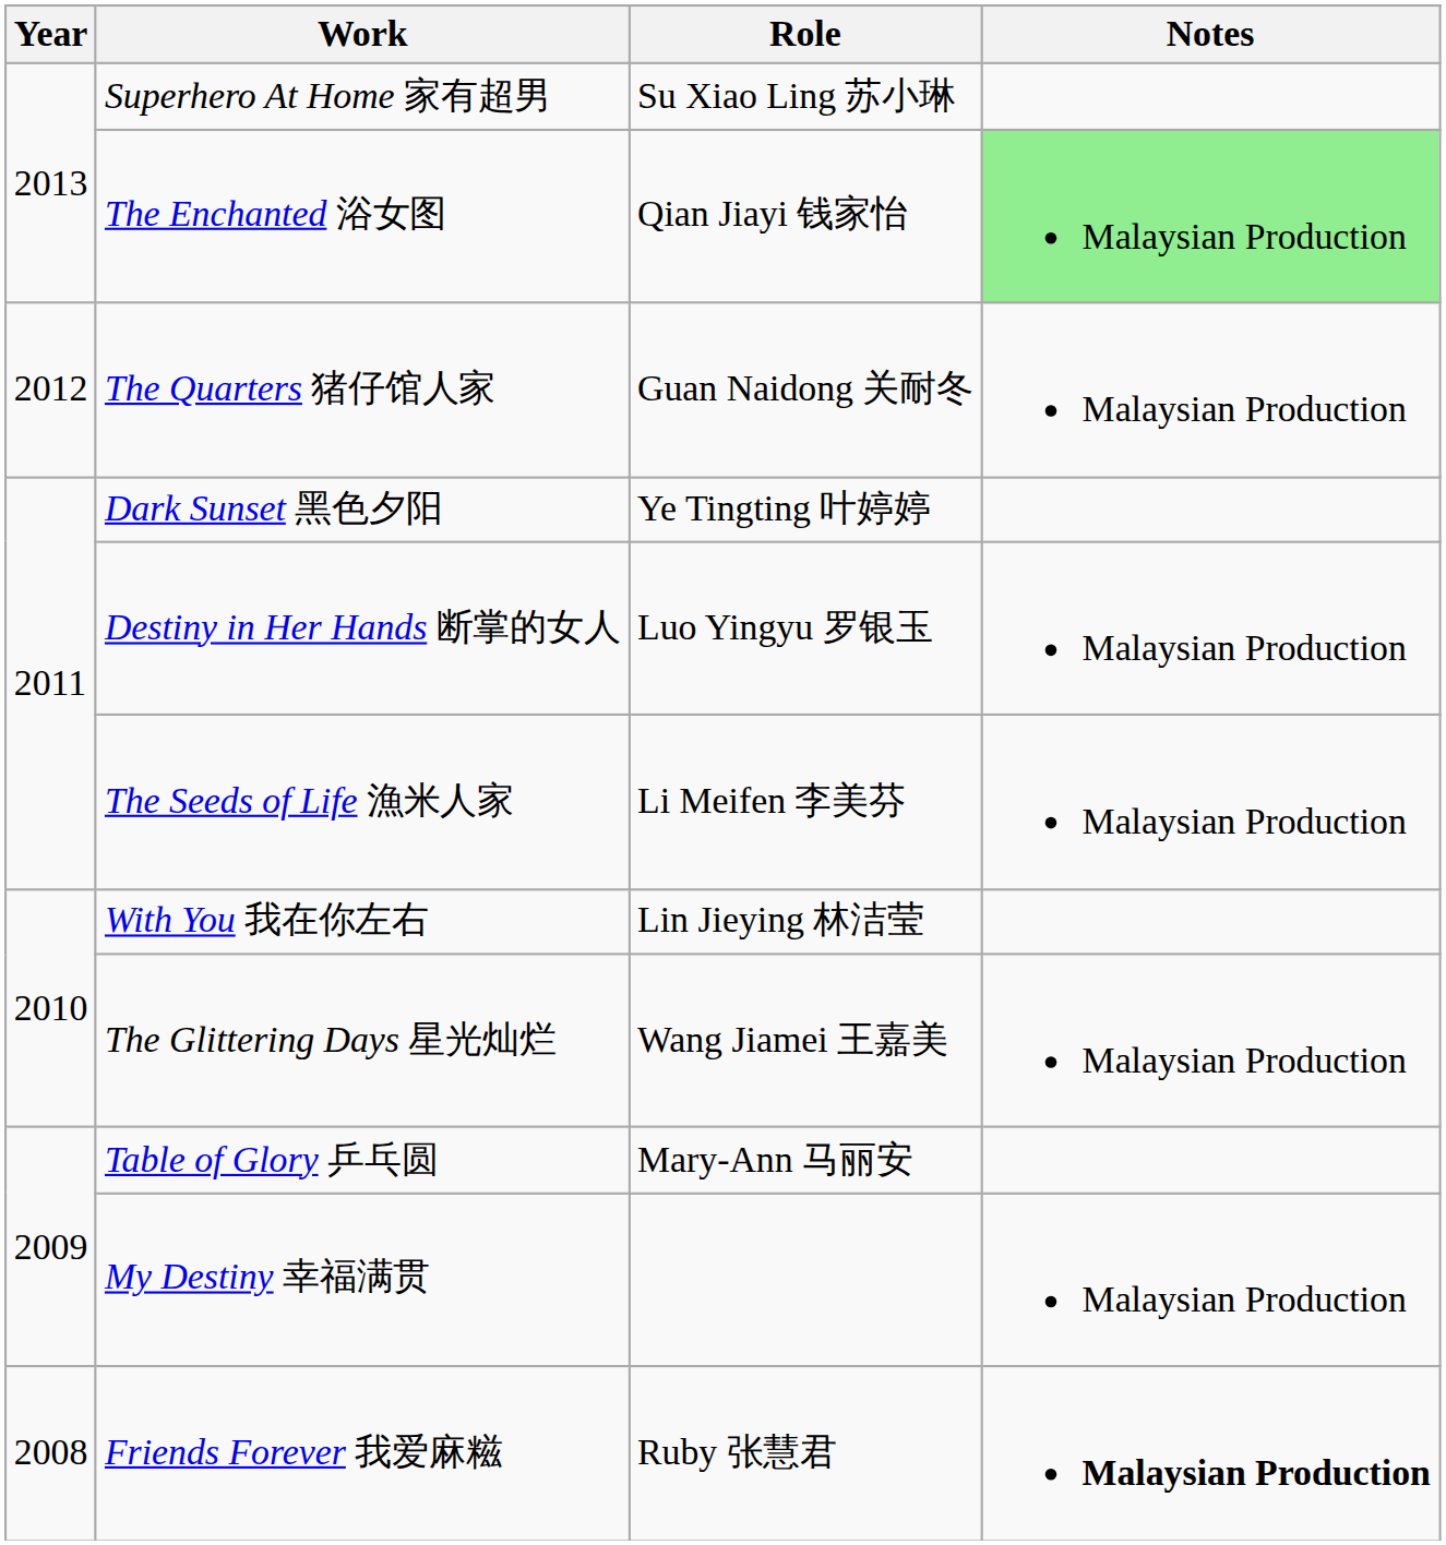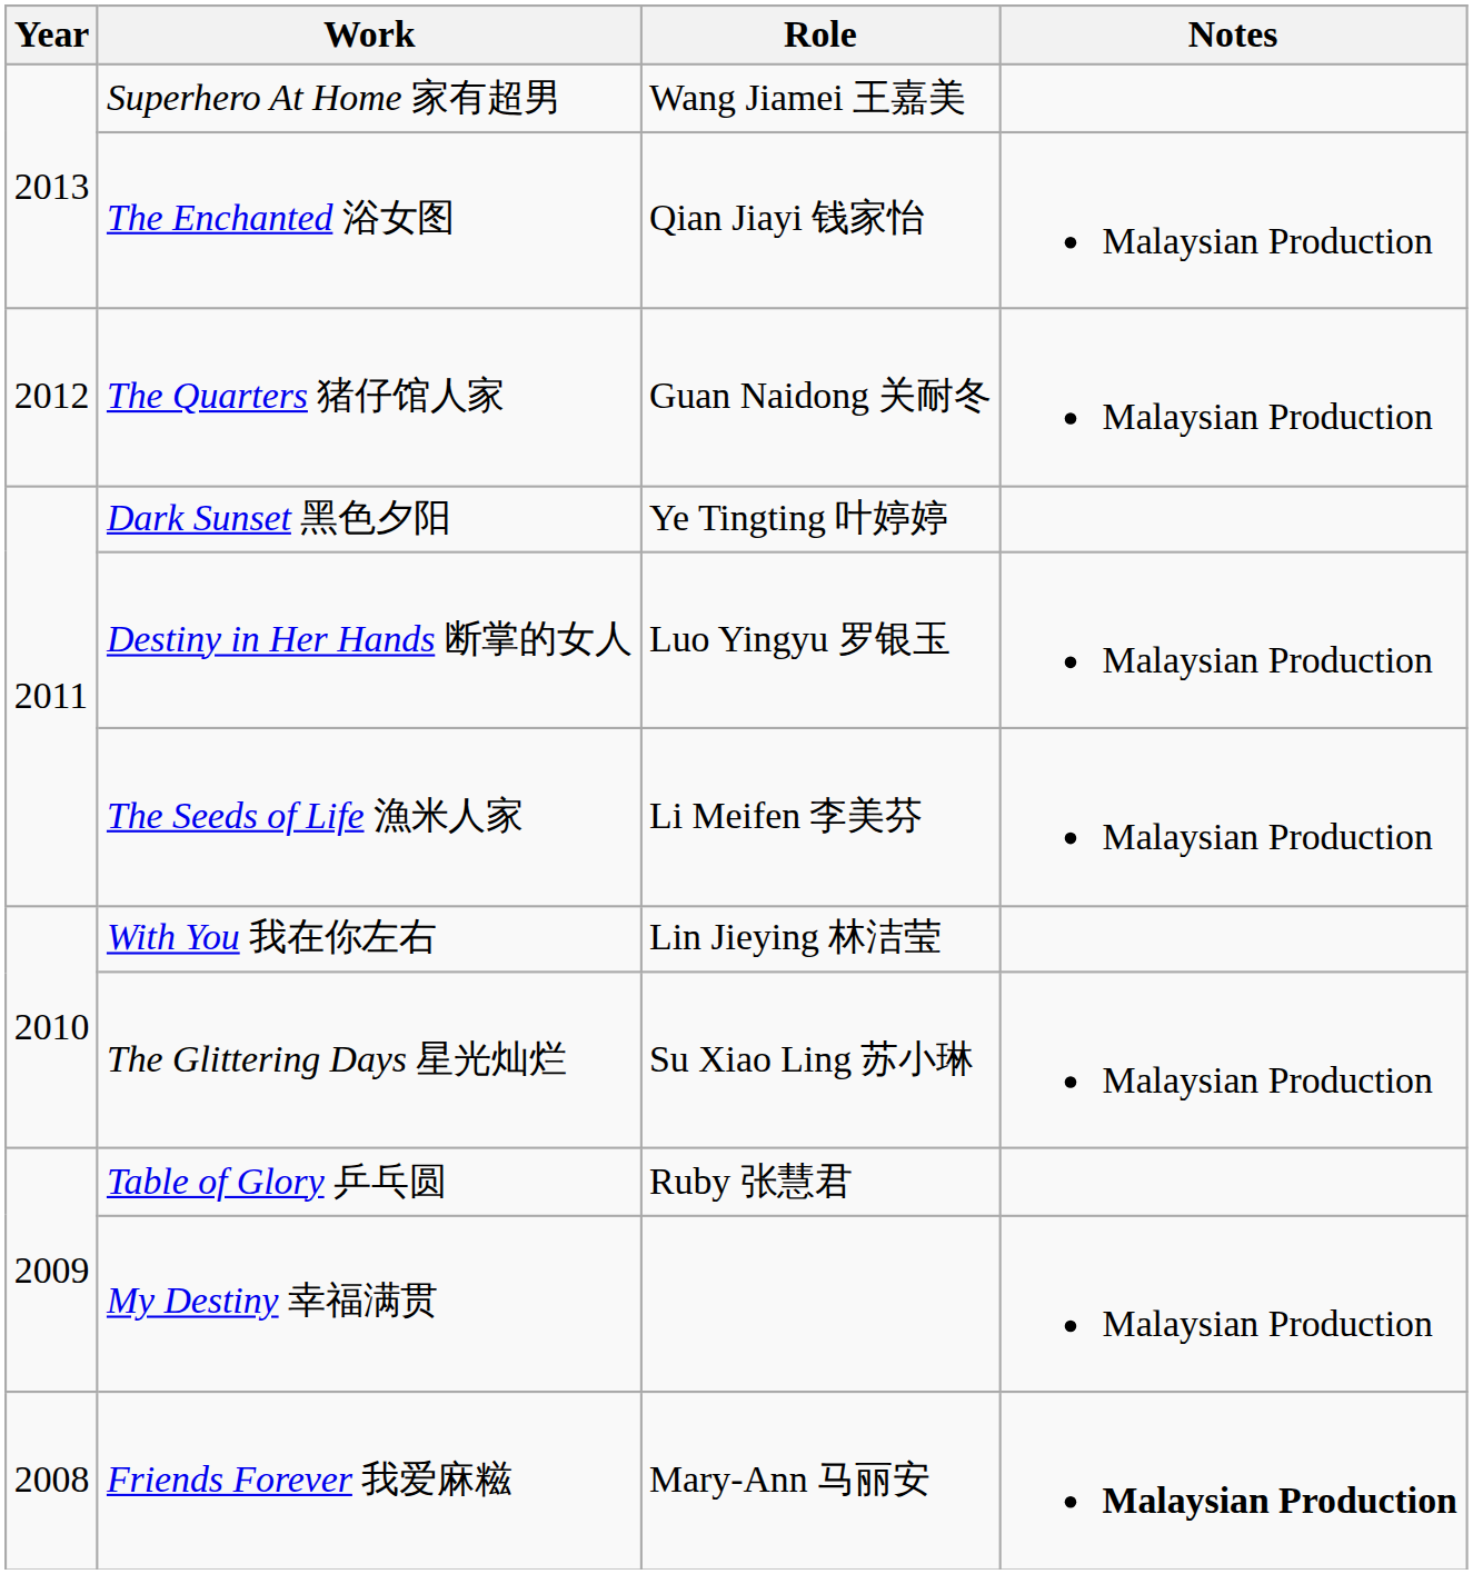 <table class="wikitable">
 <tr>
 <th>Year</th>
 <th>Work</th>
 <th>Role</th>
 <th>Notes</th>
 </tr>
 <tr>
 <td rowspan="2">2013</td>
 <td><em>Superhero At Home</em> 家有超男</td>
-<td>Su Xiao Ling 苏小琳</td>
+<td>Wang Jiamei 王嘉美</td>
 <td></td>
 </tr>
 <tr>
 <td><em><a href='#'>The Enchanted</a></em> 浴女图</td>
 <td>Qian Jiayi 钱家怡</td>
-<td style="background: lightgreen;"><br><ul><li>Malaysian Production</li></ul></td>
+<td><br><ul><li>Malaysian Production</li></ul></td>
 </tr>
 <tr>
 <td rowspan="1">2012</td>
 <td><em><a href='#'>The Quarters</a></em> 猪仔馆人家</td>
 <td>Guan Naidong 关耐冬</td>
 <td><br><ul><li>Malaysian Production</li></ul></td>
 </tr>
 <tr>
 <td rowspan="3">2011</td>
 <td><em><a href='#'>Dark Sunset</a></em> 黑色夕阳</td>
 <td>Ye Tingting 叶婷婷</td>
 <td></td>
 </tr>
 <tr>
 <td><em><a href='#'>Destiny in Her Hands</a></em> 断掌的女人</td>
 <td>Luo Yingyu 罗银玉</td>
 <td><br><ul><li>Malaysian Production</li></ul></td>
 </tr>
 <tr>
 <td><em><a href='#'>The Seeds of Life</a></em> 漁米人家</td>
 <td>Li Meifen 李美芬</td>
 <td><br><ul><li>Malaysian Production</li></ul></td>
 </tr>
 <tr>
 <td rowspan="2">2010</td>
 <td><em><a href='#'>With You</a></em> 我在你左右</td>
 <td>Lin Jieying 林洁莹</td>
 <td></td>
 </tr>
 <tr>
 <td><em>The Glittering Days</em> 星光灿烂</td>
-<td>Wang Jiamei 王嘉美</td>
+<td>Su Xiao Ling 苏小琳</td>
 <td><br><ul><li>Malaysian Production</li></ul></td>
 </tr>
 <tr>
 <td rowspan="2">2009</td>
 <td><em><a href='#'>Table of Glory</a></em> 乒乓圆</td>
-<td>Mary-Ann 马丽安</td>
+<td>Ruby 张慧君</td>
 <td></td>
 </tr>
 <tr>
 <td><em><a href='#'>My Destiny</a></em> 幸福满贯</td>
 <td></td>
 <td><br><ul><li>Malaysian Production</li></ul></td>
 </tr>
 <tr>
 <td>2008</td>
 <td><em><a href='#'>Friends Forever</a></em> 我爱麻糍</td>
-<td>Ruby 张慧君</td>
+<td>Mary-Ann 马丽安</td>
 <td><strong><br><ul><li>Malaysian Production</li></ul></strong></td>
 </tr>
 </table>
